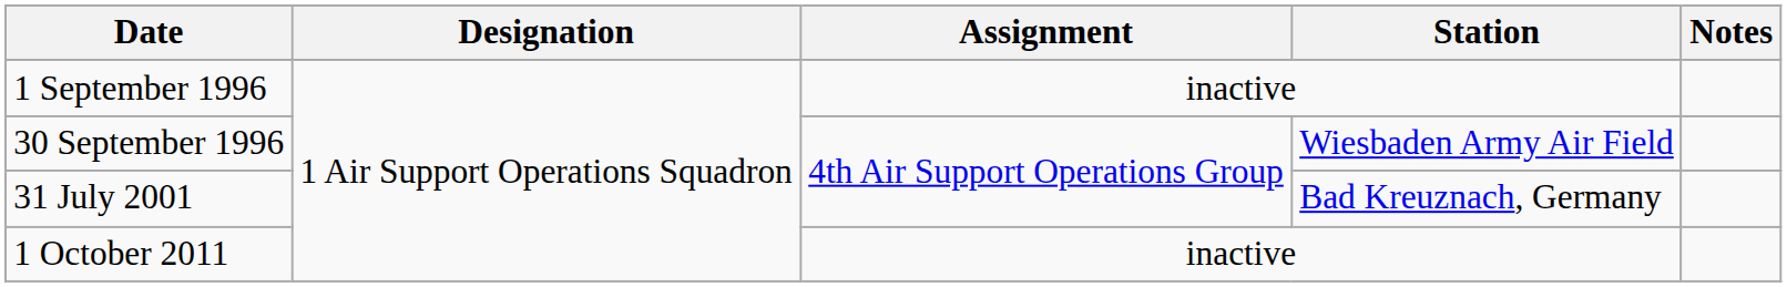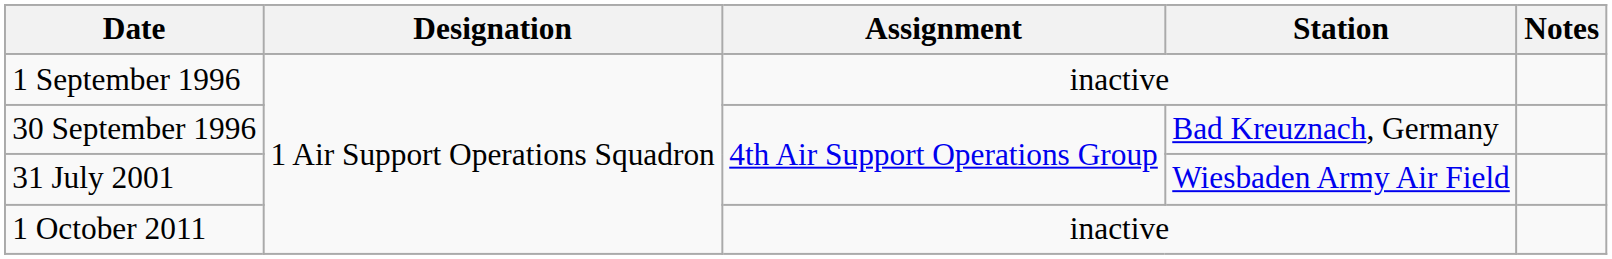 <table class="wikitable">
 <tr>
 <th>Date</th>
 <th>Designation</th>
 <th>Assignment</th>
 <th>Station</th>
 <th>Notes</th>
 </tr>
 <tr>
 <td>1 September 1996</td>
 <td rowspan=4>1 Air Support Operations Squadron</td>
 <td colspan=2 align=center>inactive</td>
 <td></td>
 </tr>
 <tr>
 <td>30 September 1996</td>
 <td rowspan=2><a href='#'>4th Air Support Operations Group</a></td>
-<td><a href='#'>Wiesbaden Army Air Field</a></td>
+<td><a href='#'>Bad Kreuznach</a>, Germany</td>
 <td></td>
 </tr>
 <tr>
 <td>31 July 2001</td>
-<td><a href='#'>Bad Kreuznach</a>, Germany</td>
+<td><a href='#'>Wiesbaden Army Air Field</a></td>
 <td></td>
 </tr>
 <tr>
 <td>1 October 2011</td>
 <td colspan=2 align=center>inactive</td>
 <td></td>
 </tr>
 </table>
